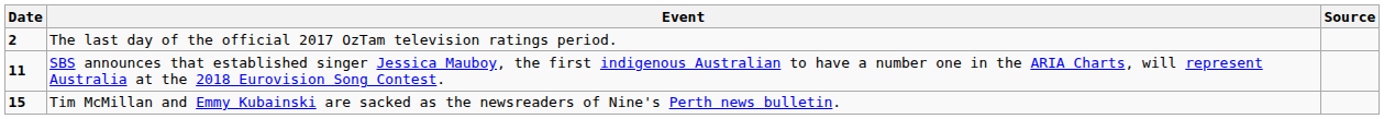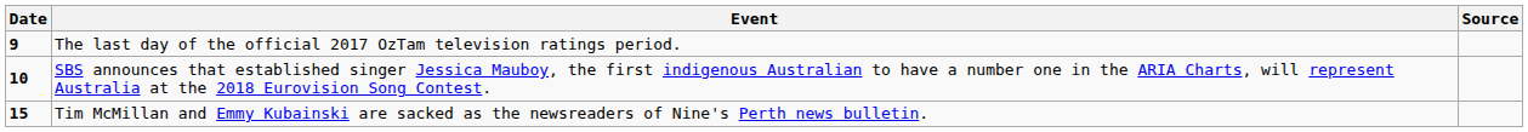 <table class="wikitable">
 <tr>
 <th>Date</th>
 <th>Event</th>
 <th>Source</th>
 </tr>
 <tr>
-<td><strong>2</strong></td>
+<td><strong>9</strong></td>
 <td>The last day of the official 2017 OzTam television ratings period.</td>
 <td></td>
 </tr>
 <tr>
-<td><strong>11</strong></td>
+<td><strong>10</strong></td>
 <td><a href='#'>SBS</a> announces that established singer <a href='#'>Jessica Mauboy</a>, the first <a href='#'>indigenous Australian</a> to have a number one in the <a href='#'>ARIA Charts</a>, will <a href='#'>represent Australia</a> at the <a href='#'>2018 Eurovision Song Contest</a>.</td>
 <td></td>
 </tr>
 <tr>
 <td><strong>15</strong></td>
 <td>Tim McMillan and <a href='#'>Emmy Kubainski</a> are sacked as the newsreaders of Nine's <a href='#'>Perth news bulletin</a>.</td>
 <td></td>
 </tr>
 <tr>
 </tr>
 </table>
